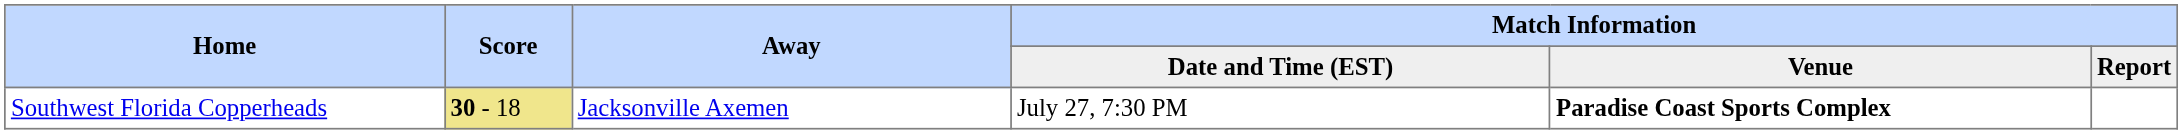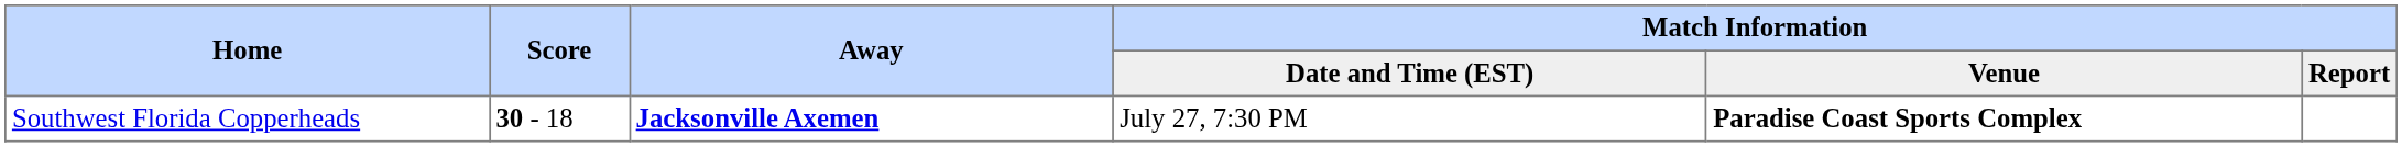 <table border="1" cellpadding="3" cellspacing="0" style="border-collapse:collapse; font-size:90%; width:100%">
 <tr style="background:#c1d8ff;">
 <th rowspan="2" style="width:21%;">Home</th>
 <th rowspan="2" style="width:6%;">Score</th>
 <th rowspan="2" style="width:21%;">Away</th>
 <th colspan="3">Match Information</th>
 </tr>
 <tr style="background:#efefef;">
 <th width="26%">Date and Time (EST)</th>
 <th width="26%">Venue</th>
 <td><strong>Report</strong></td>
 </tr>
 <tr>
 <td> <a href='#'>Southwest Florida Copperheads</a></td>
-<td style="background: khaki;"><strong>30</strong> - 18</td>
-<td> <a href='#'>Jacksonville Axemen</a></td>
+<td><strong>30</strong> - 18</td>
+<td><strong> <a href='#'>Jacksonville Axemen</a></strong></td>
 <td>July 27, 7:30 PM</td>
 <td><strong>Paradise Coast Sports Complex</strong></td>
 <td></td>
 </tr>
 </table>
